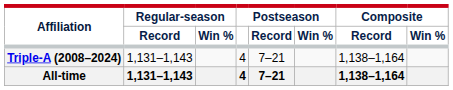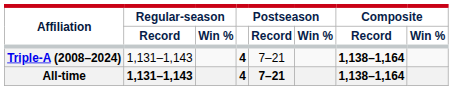 <table class="wikitable sortable plainrowheaders" style="font-size: 95%; text-align:center;">
 <tr>
 <th rowspan="2" scope="col" style="background-color:#ffffff; border-top:#C90116 5px solid; border-bottom:#c2c8ca 5px solid; color:#05173c">Affiliation</th>
 <th colspan="2" scope="col" style="background-color:#ffffff; border-top:#C90116 5px solid; color:#071d49">Regular-season</th>
 <th colspan="3" scope="col" style="background-color:#ffffff; border-top:#C90116 5px solid; color:#071d49">Postseason</th>
 <th colspan="2" scope="col" style="background-color:#ffffff; border-top:#C90116 5px solid; color:#071d49">Composite</th>
 </tr>
 <tr>
 <th scope="col" style="background-color:#ffffff; border-bottom:#c2c8ca 5px solid; color:#071d49">Record</th>
 <th scope="col" style="background-color:#ffffff; border-bottom:#c2c8ca 5px solid; color:#071d49">Win %</th>
 <th scope="col" style="background-color:#ffffff; border-bottom:#c2c8ca 5px solid; color:#071d49"></th>
 <th scope="col" style="background-color:#ffffff; border-bottom:#c2c8ca 5px solid; color:#071d49">Record</th>
 <th scope="col" style="background-color:#ffffff; border-bottom:#c2c8ca 5px solid; color:#071d49">Win %</th>
 <th scope="col" style="background-color:#ffffff; border-bottom:#c2c8ca 5px solid; color:#071d49">Record</th>
 <th scope="col" style="background-color:#ffffff; border-bottom:#c2c8ca 5px solid; color:#071d49">Win %</th>
 </tr>
 <tr>
 <th scope="row"><a href='#'>Triple-A</a> (2008–2024)</th>
 <td>1,131–1,143</td>
 <td></td>
-<td>4</td>
+<td><strong>4</strong></td>
 <td>7–21</td>
 <td></td>
-<td>1,138–1,164</td>
+<td><strong>1,138–1,164</strong></td>
 <td></td>
 </tr>
 <tr>
 <th scope="row"><strong>All-time</strong></th>
 <th>1,131–1,143</th>
 <th></th>
 <th>4</th>
 <th>7–21</th>
 <th></th>
 <th>1,138–1,164</th>
 <th></th>
 </tr>
 </table>
